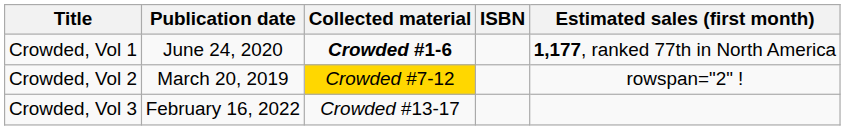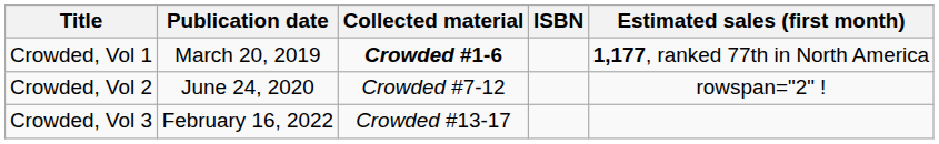 <table class="wikitable" style="text-align:center;">
 <tr>
 <th>Title</th>
 <th>Publication date</th>
 <th>Collected material</th>
 <th>ISBN</th>
 <th><strong>Estimated sales (first month)</strong></th>
 </tr>
 <tr>
 <td>Crowded, Vol 1</td>
-<td>June 24, 2020</td>
+<td>March 20, 2019</td>
 <td><strong><em>Crowded</em> #1-6</strong></td>
 <td></td>
 <td><strong>1,177</strong>, ranked 77th in North America</td>
 </tr>
 <tr>
 <td>Crowded, Vol 2</td>
-<td>March 20, 2019</td>
-<td style="background: gold;"><em>Crowded</em> #7-12</td>
+<td>June 24, 2020</td>
+<td><em>Crowded</em> #7-12</td>
 <td></td>
 <td>rowspan="2" !</td>
 </tr>
 <tr>
 <td>Crowded, Vol 3</td>
 <td>February 16, 2022</td>
 <td><em>Crowded</em> #13-17</td>
 <td></td>
 </tr>
 </table>
